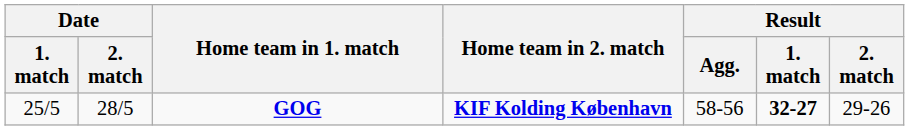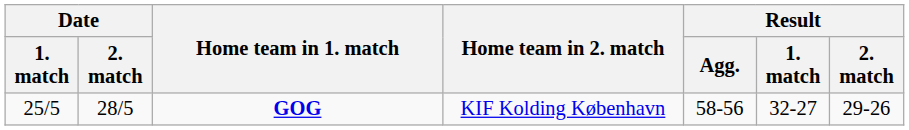 <table class="wikitable" style="text-align:center; margin-left:1em;">
 <tr>
 <th colspan="2">Date</th>
 <th rowspan="2" style="width:220px;">Home team in 1. match</th>
 <th rowspan="2" style="width:180px;">Home team in 2. match</th>
 <th colspan="3">Result</th>
 </tr>
 <tr>
 <th style="width:50px;">1. match</th>
 <th style="width:50px;">2. match</th>
 <th style="width:50px;">Agg.</th>
 <th style="width:50px;">1. match</th>
 <th style="width:50px;">2. match</th>
 </tr>
 <tr>
 <td>25/5</td>
 <td>28/5</td>
 <td><strong><a href='#'>GOG</a></strong></td>
-<td><strong><a href='#'>KIF Kolding København</a></strong></td>
+<td><a href='#'>KIF Kolding København</a></td>
 <td>58-56</td>
-<td><strong>32-27</strong></td>
+<td>32-27</td>
 <td>29-26</td>
 </tr>
 </table>
